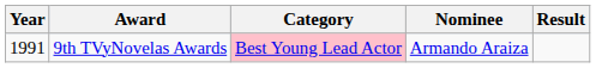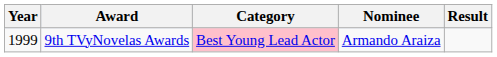 <table class="wikitable">
 <tr style="background:#b0c4de;">
 <th>Year</th>
 <th>Award</th>
 <th>Category</th>
 <th>Nominee</th>
 <th>Result</th>
 </tr>
 <tr>
-<td>1991</td>
+<td>1999</td>
 <td><a href='#'>9th TVyNovelas Awards</a></td>
 <td style="background: pink;"><a href='#'>Best Young Lead Actor</a></td>
 <td><a href='#'>Armando Araiza</a></td>
 <td></td>
 </tr>
 </table>
